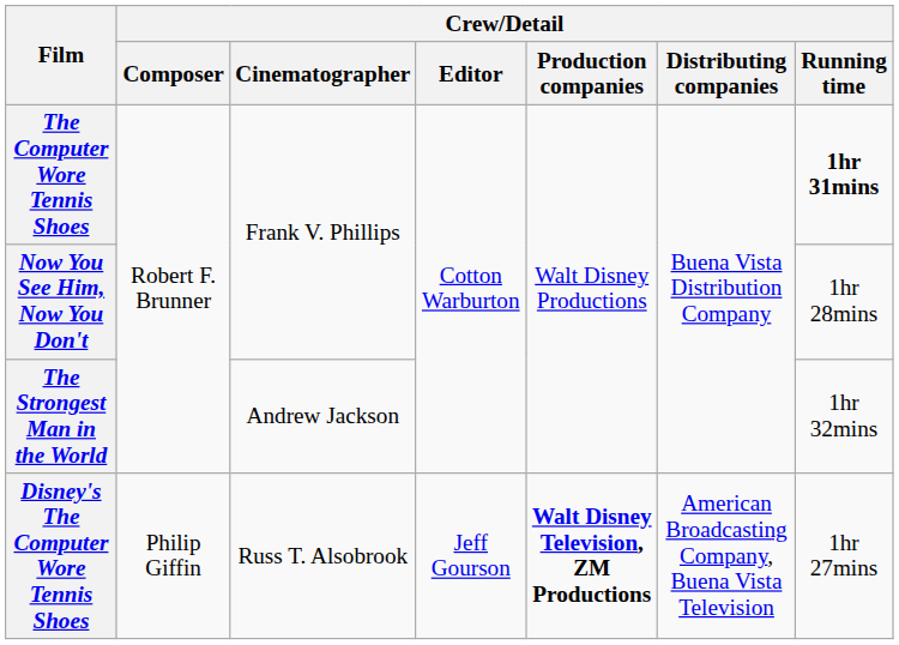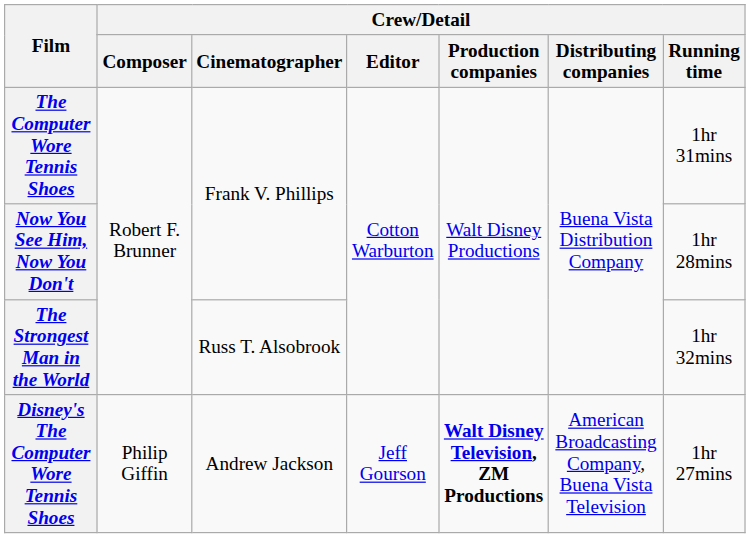 <table class="wikitable sortable" style="text-align:center; width:99%;">
 <tr>
 <th rowspan="2">Film</th>
 <th colspan="7">Crew/Detail</th>
 </tr>
 <tr>
 <th style="text-align:center;">Composer</th>
 <th style="text-align:center;">Cinematographer</th>
 <th style="text-align:center;">Editor</th>
 <th style="text-align:center;">Production <br>companies</th>
 <th style="text-align:center;">Distributing <br>companies</th>
 <th style="text-align:center;">Running time</th>
 </tr>
 <tr>
 <th><em><a href='#'>The Computer Wore Tennis Shoes</a></em></th>
 <td rowspan="3">Robert F. Brunner</td>
 <td rowspan="2">Frank V. Phillips</td>
 <td rowspan="3"><a href='#'>Cotton Warburton</a></td>
 <td rowspan="3"><a href='#'>Walt Disney Productions</a></td>
 <td rowspan="3"><a href='#'>Buena Vista Distribution Company</a></td>
-<td><strong>1hr 31mins</strong></td>
+<td>1hr 31mins</td>
 </tr>
 <tr>
 <th><em><a href='#'>Now You See Him, Now You Don't</a></em></th>
 <td>1hr 28mins</td>
 </tr>
 <tr>
 <th><em><a href='#'>The Strongest Man in the World</a></em></th>
-<td>Andrew Jackson</td>
+<td>Russ T. Alsobrook</td>
 <td>1hr 32mins</td>
 </tr>
 <tr>
 <th><em><a href='#'>Disney's <br>The Computer Wore Tennis Shoes</a></em></th>
 <td>Philip Giffin</td>
-<td>Russ T. Alsobrook</td>
+<td>Andrew Jackson</td>
 <td><a href='#'>Jeff Gourson</a></td>
 <td><strong><a href='#'>Walt Disney Television</a>, <br>ZM Productions</strong></td>
 <td><a href='#'>American Broadcasting Company</a>, <br><a href='#'>Buena Vista Television</a></td>
 <td>1hr 27mins</td>
 </tr>
 </table>
